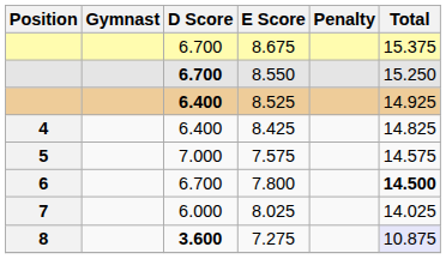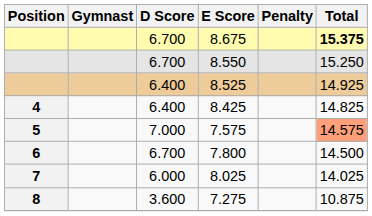 <table class="wikitable sortable" style="text-align:center; font-size:95%">
 <tr>
 <th>Position</th>
 <th>Gymnast</th>
 <th>D Score</th>
 <th>E Score</th>
 <th>Penalty</th>
 <th>Total</th>
 </tr>
 <tr bgcolor=fffcaf>
 <td></td>
 <td align=left></td>
 <td>6.700</td>
 <td>8.675</td>
 <td></td>
-<td>15.375</td>
+<td><strong>15.375</strong></td>
 </tr>
 <tr bgcolor=e5e5e5>
 <td></td>
 <td align=left></td>
-<td><strong>6.700</strong></td>
+<td>6.700</td>
 <td>8.550</td>
 <td></td>
 <td>15.250</td>
 </tr>
 <tr bgcolor=eecc99>
 <td></td>
 <td align=left></td>
-<td><strong>6.400</strong></td>
+<td>6.400</td>
 <td>8.525</td>
 <td></td>
 <td>14.925</td>
 </tr>
 <tr>
 <th><strong>4</strong></th>
 <td align=left></td>
 <td>6.400</td>
 <td>8.425</td>
 <td></td>
 <td>14.825</td>
 </tr>
 <tr>
 <th><strong>5</strong></th>
 <td align=left></td>
 <td>7.000</td>
 <td>7.575</td>
 <td></td>
-<td>14.575</td>
+<td style="background: lightsalmon;">14.575</td>
 </tr>
 <tr>
 <th><strong>6</strong></th>
 <td align=left></td>
 <td>6.700</td>
 <td>7.800</td>
 <td></td>
-<td><strong>14.500</strong></td>
+<td>14.500</td>
 </tr>
 <tr>
 <th><strong>7</strong></th>
 <td align=left></td>
 <td>6.000</td>
 <td>8.025</td>
 <td></td>
 <td>14.025</td>
 </tr>
 <tr>
 <th><strong>8</strong></th>
 <td align=left></td>
-<td><strong>3.600</strong></td>
+<td>3.600</td>
 <td>7.275</td>
 <td></td>
-<td style="background: lavender;">10.875</td>
+<td>10.875</td>
 </tr>
 <tr>
 </tr>
 </table>
